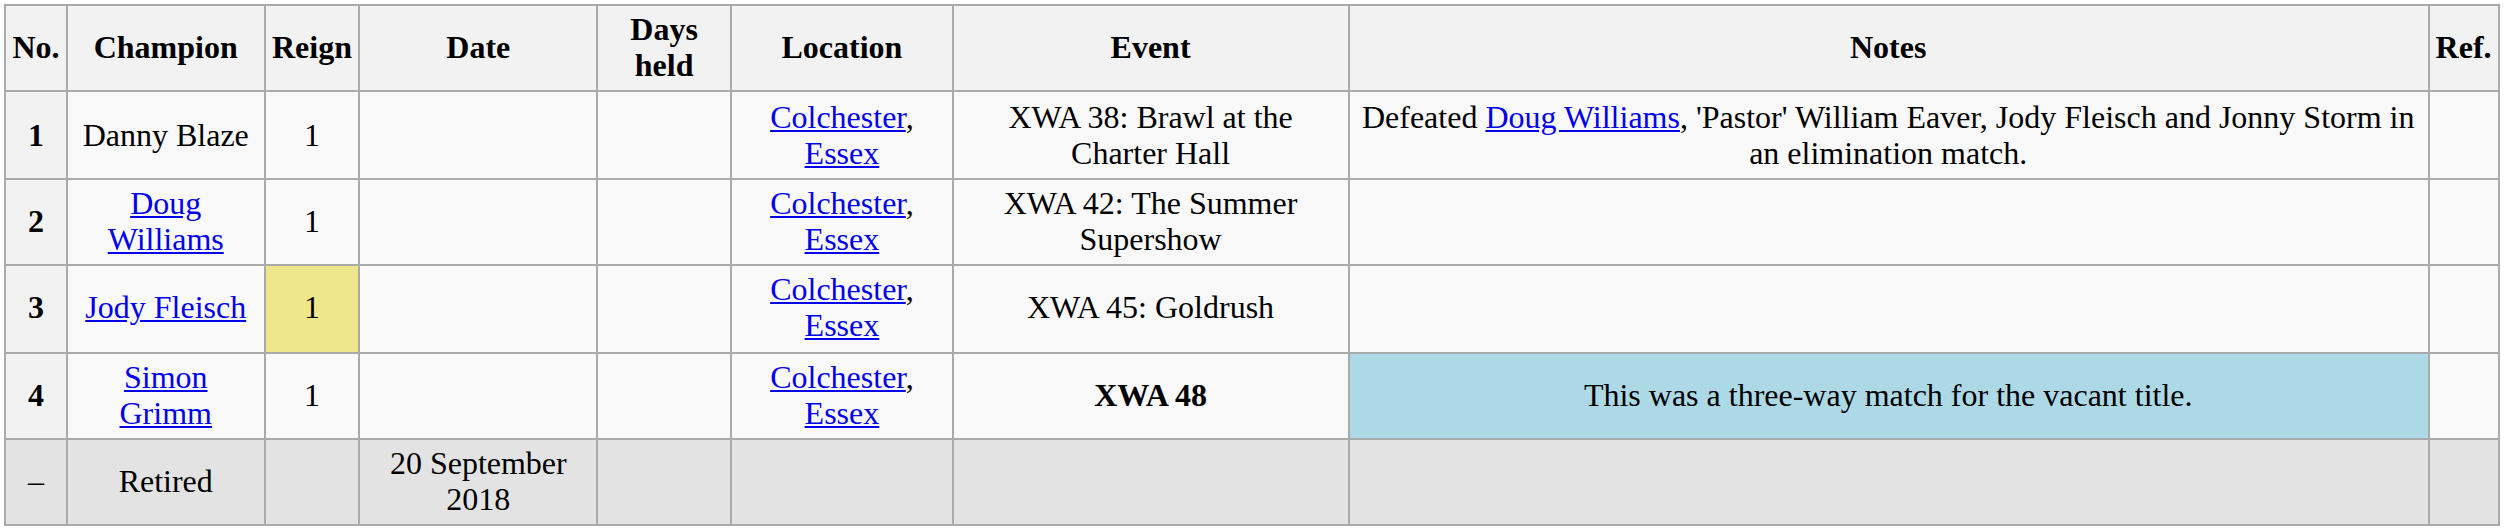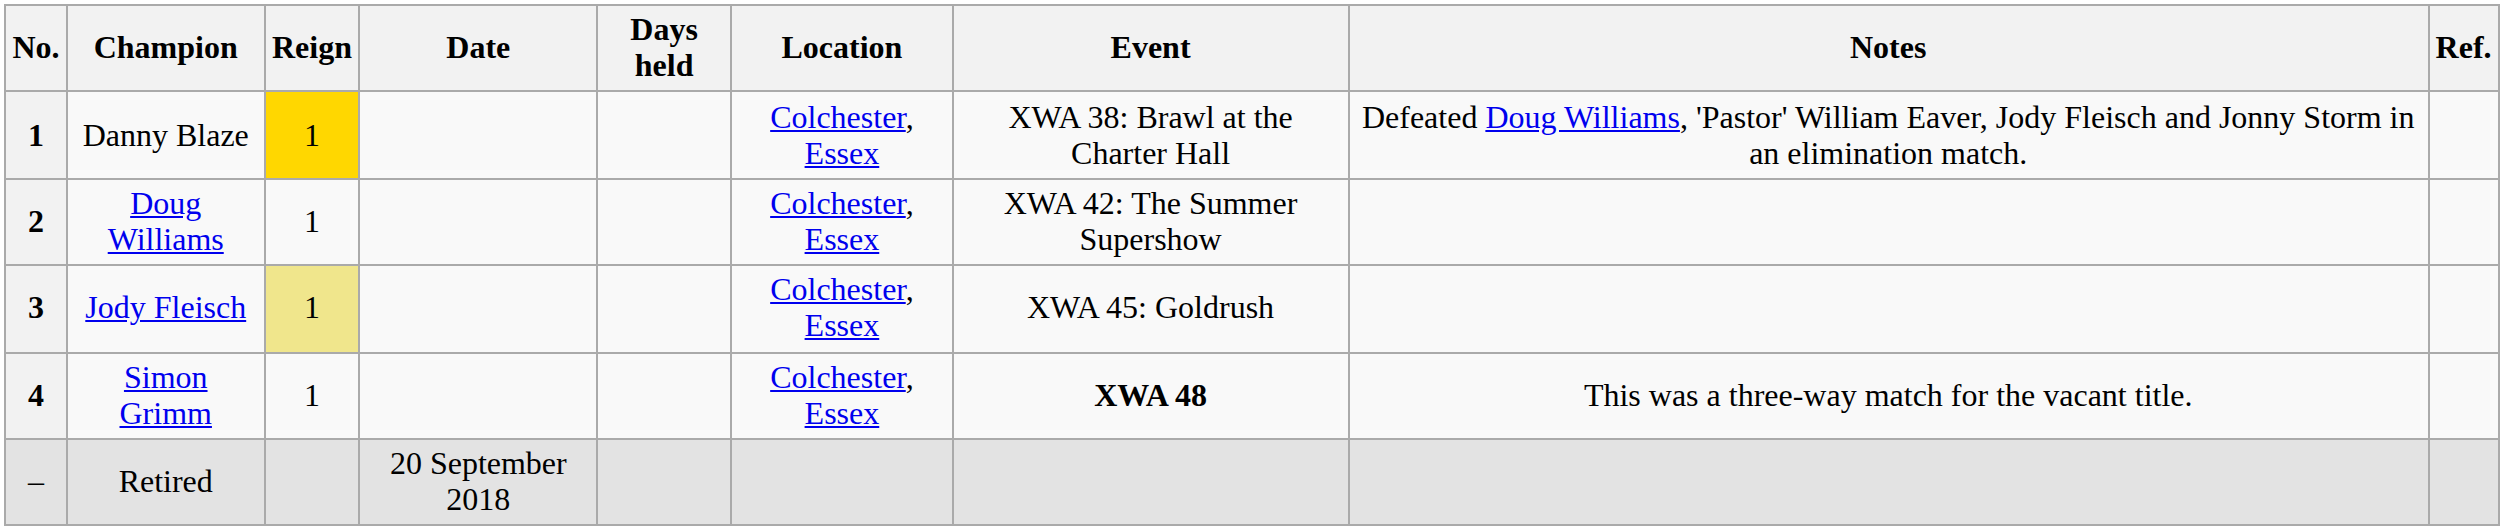 <table class="wikitable sortable" style="text-align: center">
 <tr>
 <th>No.</th>
 <th>Champion</th>
 <th>Reign</th>
 <th>Date</th>
 <th>Days held</th>
 <th>Location</th>
 <th>Event</th>
 <th>Notes</th>
 <th>Ref.</th>
 </tr>
 <tr>
 <th>1</th>
 <td>Danny Blaze</td>
-<td>1</td>
+<td style="background: gold;">1</td>
 <td></td>
 <td></td>
 <td><a href='#'>Colchester</a>, <a href='#'>Essex</a></td>
 <td>XWA 38: Brawl at the Charter Hall</td>
 <td>Defeated <a href='#'>Doug Williams</a>, 'Pastor' William Eaver, Jody Fleisch and Jonny Storm in an elimination match.</td>
 <td></td>
 </tr>
 <tr>
 <th>2</th>
 <td><a href='#'>Doug Williams</a></td>
 <td>1</td>
 <td></td>
 <td></td>
 <td><a href='#'>Colchester</a>, <a href='#'>Essex</a></td>
 <td>XWA 42: The Summer Supershow</td>
 <td></td>
 <td></td>
 </tr>
 <tr>
 <th>3</th>
 <td><a href='#'>Jody Fleisch</a></td>
 <td style="background: khaki;">1</td>
 <td></td>
 <td></td>
 <td><a href='#'>Colchester</a>, <a href='#'>Essex</a></td>
 <td>XWA 45: Goldrush</td>
 <td></td>
 <td></td>
 </tr>
 <tr>
 <th>4</th>
 <td><a href='#'>Simon Grimm</a></td>
 <td>1</td>
 <td></td>
 <td></td>
 <td><a href='#'>Colchester</a>, <a href='#'>Essex</a></td>
 <td><strong>XWA 48</strong></td>
-<td style="background: lightblue;">This was a three-way match for the vacant title.</td>
+<td>This was a three-way match for the vacant title.</td>
 <td></td>
 </tr>
 <tr style="background:#e3e3e3">
 <td>–</td>
 <td>Retired</td>
 <td></td>
 <td>20 September 2018</td>
 <td></td>
 <td></td>
 <td></td>
 <td></td>
 <td></td>
 </tr>
 <tr>
 </tr>
 </table>
